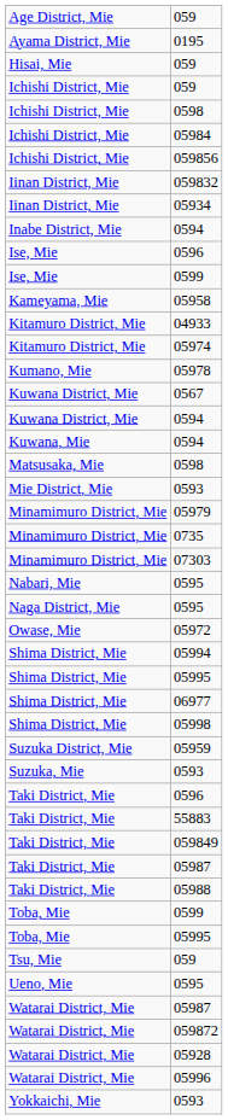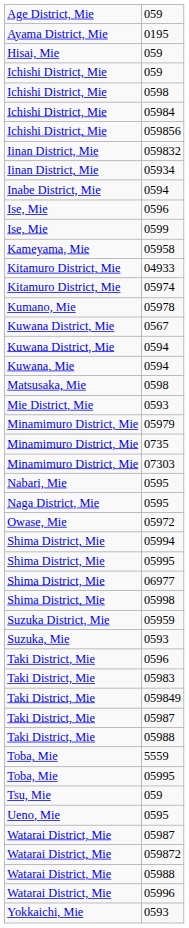 <table class="wikitable">
 <tr>
 <td><a href='#'>Age District, Mie</a></td>
 <td>059</td>
 </tr>
 <tr>
 <td><a href='#'>Ayama District, Mie</a></td>
 <td>0195</td>
 </tr>
 <tr>
 <td><a href='#'>Hisai, Mie</a></td>
 <td>059</td>
 </tr>
 <tr>
 <td><a href='#'>Ichishi District, Mie</a></td>
 <td>059</td>
 </tr>
 <tr>
 <td><a href='#'>Ichishi District, Mie</a></td>
 <td>0598</td>
 </tr>
 <tr>
 <td><a href='#'>Ichishi District, Mie</a></td>
 <td>05984</td>
 </tr>
 <tr>
 <td><a href='#'>Ichishi District, Mie</a></td>
 <td>059856</td>
 </tr>
 <tr>
 <td><a href='#'>Iinan District, Mie</a></td>
 <td>059832</td>
 </tr>
 <tr>
 <td><a href='#'>Iinan District, Mie</a></td>
 <td>05934</td>
 </tr>
 <tr>
 <td><a href='#'>Inabe District, Mie</a></td>
 <td>0594</td>
 </tr>
 <tr>
 <td><a href='#'>Ise, Mie</a></td>
 <td>0596</td>
 </tr>
 <tr>
 <td><a href='#'>Ise, Mie</a></td>
 <td>0599</td>
 </tr>
 <tr>
 <td><a href='#'>Kameyama, Mie</a></td>
 <td>05958</td>
 </tr>
 <tr>
 <td><a href='#'>Kitamuro District, Mie</a></td>
 <td>04933</td>
 </tr>
 <tr>
 <td><a href='#'>Kitamuro District, Mie</a></td>
 <td>05974</td>
 </tr>
 <tr>
 <td><a href='#'>Kumano, Mie</a></td>
 <td>05978</td>
 </tr>
 <tr>
 <td><a href='#'>Kuwana District, Mie</a></td>
 <td>0567</td>
 </tr>
 <tr>
 <td><a href='#'>Kuwana District, Mie</a></td>
 <td>0594</td>
 </tr>
 <tr>
 <td><a href='#'>Kuwana, Mie</a></td>
 <td>0594</td>
 </tr>
 <tr>
 <td><a href='#'>Matsusaka, Mie</a></td>
 <td>0598</td>
 </tr>
 <tr>
 <td><a href='#'>Mie District, Mie</a></td>
 <td>0593</td>
 </tr>
 <tr>
 <td><a href='#'>Minamimuro District, Mie</a></td>
 <td>05979</td>
 </tr>
 <tr>
 <td><a href='#'>Minamimuro District, Mie</a></td>
 <td>0735</td>
 </tr>
 <tr>
 <td><a href='#'>Minamimuro District, Mie</a></td>
 <td>07303</td>
 </tr>
 <tr>
 <td><a href='#'>Nabari, Mie</a></td>
 <td>0595</td>
 </tr>
 <tr>
 <td><a href='#'>Naga District, Mie</a></td>
 <td>0595</td>
 </tr>
 <tr>
 <td><a href='#'>Owase, Mie</a></td>
 <td>05972</td>
 </tr>
 <tr>
 <td><a href='#'>Shima District, Mie</a></td>
 <td>05994</td>
 </tr>
 <tr>
 <td><a href='#'>Shima District, Mie</a></td>
 <td>05995</td>
 </tr>
 <tr>
 <td><a href='#'>Shima District, Mie</a></td>
 <td>06977</td>
 </tr>
 <tr>
 <td><a href='#'>Shima District, Mie</a></td>
 <td>05998</td>
 </tr>
 <tr>
 <td><a href='#'>Suzuka District, Mie</a></td>
 <td>05959</td>
 </tr>
 <tr>
 <td><a href='#'>Suzuka, Mie</a></td>
 <td>0593</td>
 </tr>
 <tr>
 <td><a href='#'>Taki District, Mie</a></td>
 <td>0596</td>
 </tr>
 <tr>
 <td><a href='#'>Taki District, Mie</a></td>
-<td>55883</td>
+<td>05983</td>
 </tr>
 <tr>
 <td><a href='#'>Taki District, Mie</a></td>
 <td>059849</td>
 </tr>
 <tr>
 <td><a href='#'>Taki District, Mie</a></td>
 <td>05987</td>
 </tr>
 <tr>
 <td><a href='#'>Taki District, Mie</a></td>
 <td>05988</td>
 </tr>
 <tr>
 <td><a href='#'>Toba, Mie</a></td>
-<td>0599</td>
+<td>5559</td>
 </tr>
 <tr>
 <td><a href='#'>Toba, Mie</a></td>
 <td>05995</td>
 </tr>
 <tr>
 <td><a href='#'>Tsu, Mie</a></td>
 <td>059</td>
 </tr>
 <tr>
 <td><a href='#'>Ueno, Mie</a></td>
 <td>0595</td>
 </tr>
 <tr>
 <td><a href='#'>Watarai District, Mie</a></td>
 <td>05987</td>
 </tr>
 <tr>
 <td><a href='#'>Watarai District, Mie</a></td>
 <td>059872</td>
 </tr>
 <tr>
 <td><a href='#'>Watarai District, Mie</a></td>
-<td>05928</td>
+<td>05988</td>
 </tr>
 <tr>
 <td><a href='#'>Watarai District, Mie</a></td>
 <td>05996</td>
 </tr>
 <tr>
 <td><a href='#'>Yokkaichi, Mie</a></td>
 <td>0593</td>
 </tr>
 </table>
